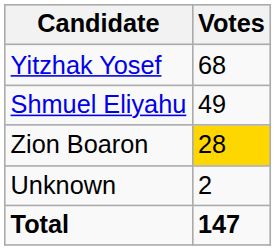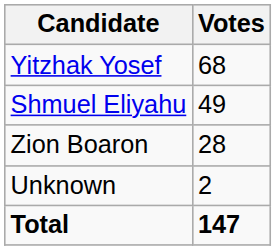 <table class="wikitable">
 <tr>
 <th>Candidate</th>
 <th>Votes</th>
 </tr>
 <tr>
 <td><a href='#'>Yitzhak Yosef</a></td>
 <td>68</td>
 </tr>
 <tr>
 <td><a href='#'>Shmuel Eliyahu</a></td>
 <td>49</td>
 </tr>
 <tr>
 <td>Zion Boaron</td>
-<td style="background: gold;">28</td>
+<td>28</td>
 </tr>
 <tr>
 <td>Unknown</td>
 <td>2</td>
 </tr>
 <tr>
 <td><strong>Total</strong></td>
 <td><strong>147</strong></td>
 </tr>
 </table>
